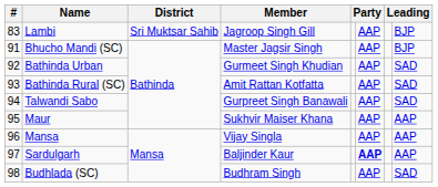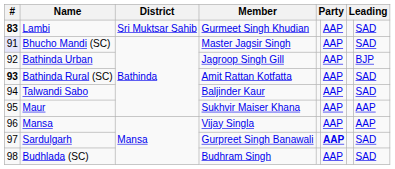 <table class="wikitable sortable">
 <tr>
 <th>#</th>
 <th>Name</th>
 <th>District</th>
 <th>Member</th>
 <th colspan="2">Party</th>
 <th colspan="2">Leading<br></th>
 </tr>
 <tr>
-<td>83</td>
+<td><strong>83</strong></td>
 <td><a href='#'>Lambi</a></td>
 <td><a href='#'>Sri Muktsar Sahib</a></td>
-<td><a href='#'>Jagroop Singh Gill</a></td>
+<td><a href='#'>Gurmeet Singh Khudian</a></td>
 <td style="background-color: "></td>
 <td><a href='#'>AAP</a></td>
 <td style="background: "></td>
-<td><a href='#'>BJP</a></td>
+<td><a href='#'>SAD</a></td>
 </tr>
 <tr>
-<td>91</td>
+<td style="background: lavender;">91</td>
 <td><a href='#'>Bhucho Mandi</a> (SC)</td>
 <td rowspan="5"><a href='#'>Bathinda</a></td>
 <td><a href='#'>Master Jagsir Singh</a></td>
 <td style="background-color: "></td>
 <td><a href='#'>AAP</a></td>
 <td style="background: "></td>
-<td><a href='#'>BJP</a></td>
+<td><a href='#'>SAD</a></td>
 </tr>
 <tr>
 <td>92</td>
 <td><a href='#'>Bathinda Urban</a></td>
-<td><a href='#'>Gurmeet Singh Khudian</a></td>
+<td><a href='#'>Jagroop Singh Gill</a></td>
 <td style="background-color: "></td>
 <td><a href='#'>AAP</a></td>
 <td style="background-color:"></td>
-<td><a href='#'>SAD</a></td>
+<td><a href='#'>BJP</a></td>
 </tr>
 <tr>
-<td>93</td>
+<td><strong>93</strong></td>
 <td><a href='#'>Bathinda Rural</a> (SC)</td>
 <td><a href='#'>Amit Rattan Kotfatta</a></td>
 <td style="background-color: "></td>
 <td><a href='#'>AAP</a></td>
 <td style="background: "></td>
 <td><a href='#'>SAD</a></td>
 </tr>
 <tr>
 <td>94</td>
 <td><a href='#'>Talwandi Sabo</a></td>
-<td><a href='#'>Gurpreet Singh Banawali</a></td>
+<td><a href='#'>Baljinder Kaur</a></td>
 <td style="background-color: "></td>
 <td><a href='#'>AAP</a></td>
 <td style="background: "></td>
 <td><a href='#'>SAD</a></td>
 </tr>
 <tr>
 <td>95</td>
 <td><a href='#'>Maur</a></td>
 <td><a href='#'>Sukhvir Maiser Khana</a></td>
 <td style="background-color: "></td>
 <td><a href='#'>AAP</a></td>
 <td style="background-color: "></td>
 <td><a href='#'>AAP</a></td>
 </tr>
 <tr>
 <td>96</td>
 <td><a href='#'>Mansa</a></td>
 <td rowspan="3"><a href='#'>Mansa</a></td>
 <td><a href='#'>Vijay Singla</a></td>
 <td style="background-color: "></td>
 <td><a href='#'>AAP</a></td>
 <td style="background-color: "></td>
 <td><a href='#'>AAP</a></td>
 </tr>
 <tr>
 <td>97</td>
 <td><a href='#'>Sardulgarh</a></td>
-<td><a href='#'>Baljinder Kaur</a></td>
+<td><a href='#'>Gurpreet Singh Banawali</a></td>
 <td style="background-color: "></td>
 <td><strong><a href='#'>AAP</a></strong></td>
 <td style="background-color: "></td>
-<td><a href='#'>AAP</a></td>
+<td><a href='#'>SAD</a></td>
 </tr>
 <tr>
 <td>98</td>
 <td><a href='#'>Budhlada</a> (SC)</td>
 <td><a href='#'>Budhram Singh</a></td>
 <td style="background-color: "></td>
 <td><a href='#'>AAP</a></td>
 <td style="background: "></td>
 <td><a href='#'>SAD</a></td>
 </tr>
 </table>
